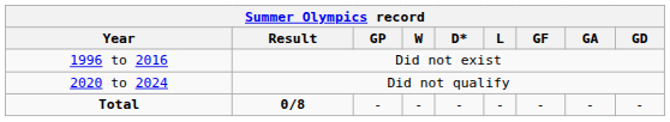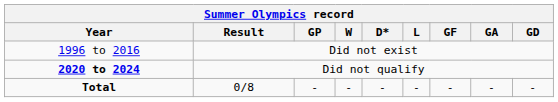 <table class="wikitable" style="text-align: center; width:50%;">
 <tr>
 <th colspan=10><a href='#'>Summer Olympics</a> record</th>
 </tr>
 <tr>
 <th>Year</th>
 <th>Result</th>
 <th>GP</th>
 <th>W</th>
 <th>D*</th>
 <th>L</th>
 <th>GF</th>
 <th>GA</th>
 <th>GD</th>
 </tr>
 <tr>
 <td> <a href='#'>1996</a> to  <a href='#'>2016</a></td>
 <td colspan=8>Did not exist</td>
 </tr>
 <tr>
-<td> <a href='#'>2020</a> to  <a href='#'>2024</a></td>
+<td><strong> <a href='#'>2020</a> to  <a href='#'>2024</a></strong></td>
 <td colspan=8>Did not qualify</td>
 </tr>
 <tr>
 <td><strong>Total</strong></td>
-<td><strong>0/8</strong></td>
+<td>0/8</td>
 <td>-</td>
 <td>-</td>
 <td>-</td>
 <td>-</td>
 <td>-</td>
 <td>-</td>
 <td>-</td>
 </tr>
 </table>
